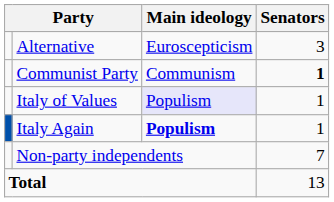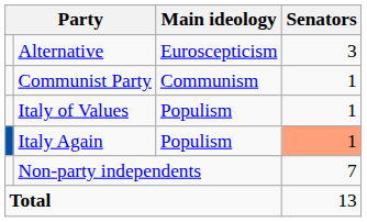 <table class="wikitable" style="font-size:100%">
 <tr>
 <th colspan=2>Party</th>
 <th>Main ideology</th>
 <th>Senators</th>
 </tr>
 <tr>
 <td></td>
 <td><a href='#'>Alternative</a></td>
 <td><a href='#'>Euroscepticism</a></td>
 <td align=right>3</td>
 </tr>
 <tr>
 <td></td>
 <td><a href='#'>Communist Party</a></td>
 <td><a href='#'>Communism</a></td>
-<td align=right><strong>1</strong></td>
+<td align=right>1</td>
 </tr>
 <tr>
 <td></td>
 <td><a href='#'>Italy of Values</a></td>
-<td style="background: lavender;"><a href='#'>Populism</a></td>
+<td><a href='#'>Populism</a></td>
 <td align=right>1</td>
 </tr>
 <tr>
 <td bgcolor=#0050AA></td>
 <td><a href='#'>Italy Again</a></td>
-<td><strong><a href='#'>Populism</a></strong></td>
-<td align=right>1</td>
+<td><a href='#'>Populism</a></td>
+<td align=right style="background: lightsalmon;">1</td>
 </tr>
 <tr>
 <td></td>
 <td colspan=2><a href='#'>Non-party independents</a></td>
 <td align=right>7</td>
 </tr>
 <tr>
 <td colspan=3><strong>Total</strong></td>
 <td align=right>13</td>
 </tr>
 </table>
